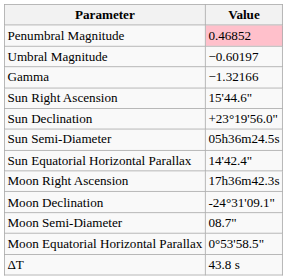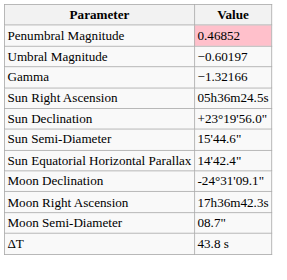 <table class="wikitable">
 <tr>
 <th>Parameter</th>
 <th>Value</th>
 </tr>
 <tr>
 <td>Penumbral Magnitude</td>
 <td style="background: pink;">0.46852</td>
 </tr>
 <tr>
 <td>Umbral Magnitude</td>
 <td>−0.60197</td>
 </tr>
 <tr>
 <td>Gamma</td>
 <td>−1.32166</td>
 </tr>
 <tr>
 <td>Sun Right Ascension</td>
-<td>15'44.6"</td>
+<td>05h36m24.5s</td>
 </tr>
 <tr>
 <td>Sun Declination</td>
 <td>+23°19'56.0"</td>
 </tr>
 <tr>
 <td>Sun Semi-Diameter</td>
-<td>05h36m24.5s</td>
+<td>15'44.6"</td>
 </tr>
 <tr>
 <td>Sun Equatorial Horizontal Parallax</td>
 <td>14'42.4"</td>
 </tr>
 <tr>
+<td>Moon Declination</td>
+<td>-24°31'09.1"</td>
+</tr>
+<tr>
 <td>Moon Right Ascension</td>
 <td>17h36m42.3s</td>
-</tr>
-<tr>
-<td>Moon Declination</td>
-<td>-24°31'09.1"</td>
 </tr>
 <tr>
 <td>Moon Semi-Diameter</td>
 <td>08.7"</td>
 </tr>
 <tr>
-<td>Moon Equatorial Horizontal Parallax</td>
-<td>0°53'58.5"</td>
-</tr>
-<tr>
 <td>ΔT</td>
 <td>43.8 s</td>
 </tr>
 </table>
